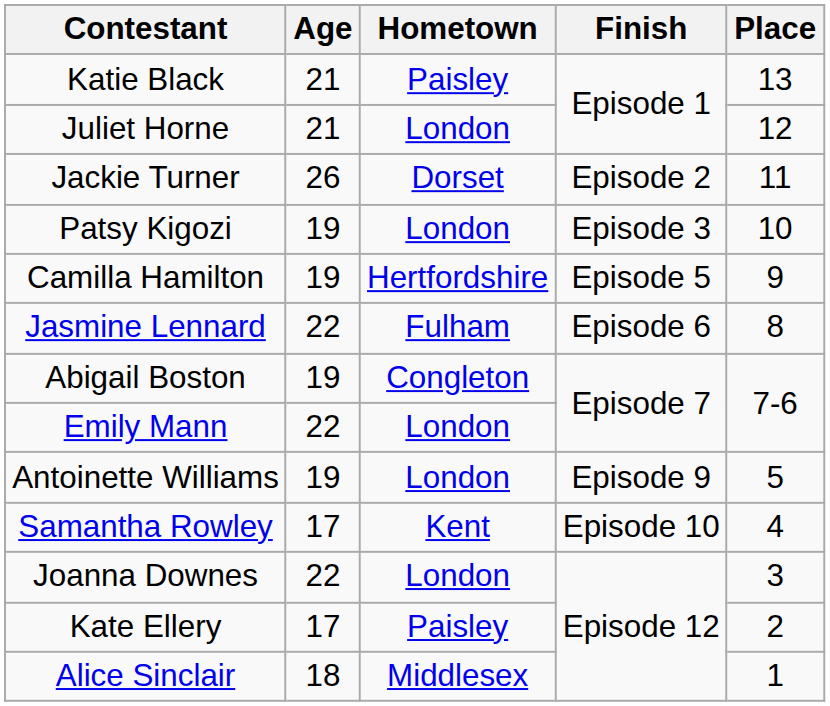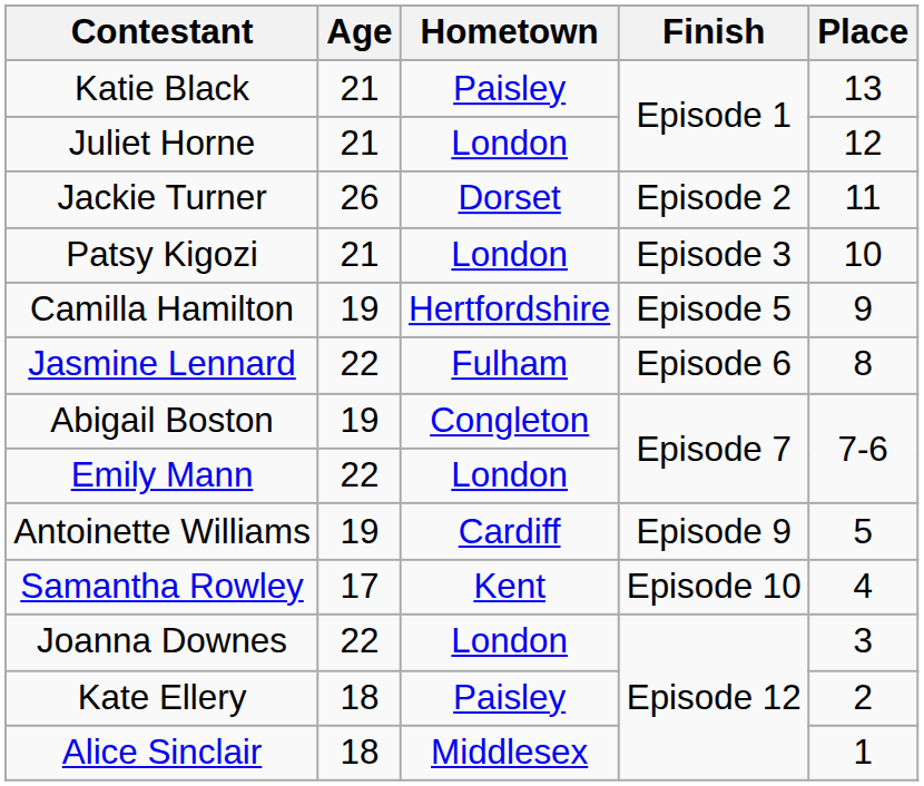 <table class="wikitable sortable" style="text-align:center;">
 <tr>
 <th>Contestant</th>
 <th>Age</th>
 <th>Hometown</th>
 <th>Finish</th>
 <th>Place</th>
 </tr>
 <tr>
 <td>Katie Black</td>
 <td>21</td>
 <td><a href='#'>Paisley</a></td>
 <td rowspan=2>Episode 1</td>
 <td>13</td>
 </tr>
 <tr>
 <td>Juliet Horne</td>
 <td>21</td>
 <td><a href='#'>London</a></td>
 <td>12</td>
 </tr>
 <tr>
 <td>Jackie Turner</td>
 <td>26</td>
 <td><a href='#'>Dorset</a></td>
 <td>Episode 2</td>
 <td>11</td>
 </tr>
 <tr>
 <td>Patsy Kigozi</td>
-<td>19</td>
+<td>21</td>
 <td><a href='#'>London</a></td>
 <td>Episode 3</td>
 <td>10</td>
 </tr>
 <tr>
 <td>Camilla Hamilton</td>
 <td>19</td>
 <td><a href='#'>Hertfordshire</a></td>
 <td>Episode 5</td>
 <td>9</td>
 </tr>
 <tr>
 <td><a href='#'>Jasmine Lennard</a></td>
 <td>22</td>
 <td><a href='#'>Fulham</a></td>
 <td>Episode 6</td>
 <td>8</td>
 </tr>
 <tr>
 <td>Abigail Boston</td>
 <td>19</td>
 <td><a href='#'>Congleton</a></td>
 <td rowspan=2>Episode 7</td>
 <td rowspan=2>7-6</td>
 </tr>
 <tr>
 <td><a href='#'>Emily Mann</a></td>
 <td>22</td>
 <td><a href='#'>London</a></td>
 </tr>
 <tr>
 <td>Antoinette Williams</td>
 <td>19</td>
-<td><a href='#'>London</a></td>
+<td><a href='#'>Cardiff</a></td>
 <td>Episode 9</td>
 <td>5</td>
 </tr>
 <tr>
 <td><a href='#'>Samantha Rowley</a></td>
 <td>17</td>
 <td><a href='#'>Kent</a></td>
 <td>Episode 10</td>
 <td>4</td>
 </tr>
 <tr>
 <td>Joanna Downes</td>
 <td>22</td>
 <td><a href='#'>London</a></td>
 <td rowspan=3>Episode 12</td>
 <td>3</td>
 </tr>
 <tr>
 <td>Kate Ellery</td>
-<td>17</td>
+<td>18</td>
 <td><a href='#'>Paisley</a></td>
 <td>2</td>
 </tr>
 <tr>
 <td><a href='#'>Alice Sinclair</a></td>
 <td>18</td>
 <td><a href='#'>Middlesex</a></td>
 <td>1</td>
 </tr>
 </table>
